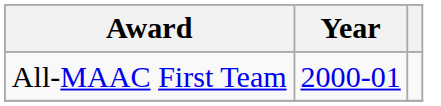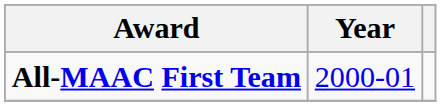 <table class="wikitable">
 <tr>
 <th>Award</th>
 <th>Year</th>
 <th></th>
 </tr>
 <tr>
-<td>All-<a href='#'>MAAC</a> <a href='#'>First Team</a></td>
+<td><strong>All-<a href='#'>MAAC</a> <a href='#'>First Team</a></strong></td>
 <td><a href='#'>2000-01</a></td>
 <td></td>
 </tr>
 <tr>
 </tr>
 </table>
